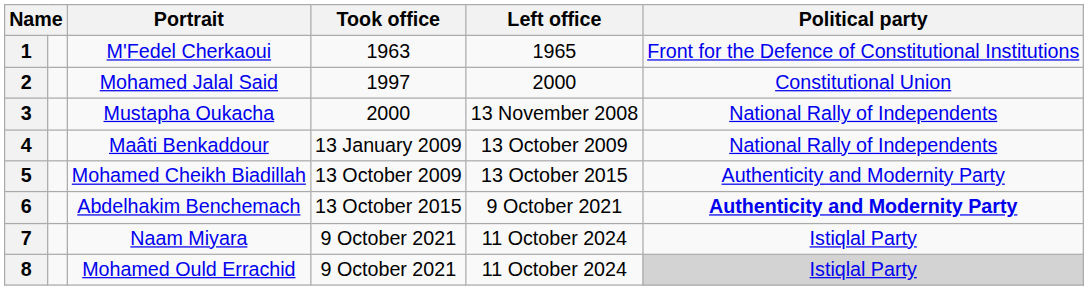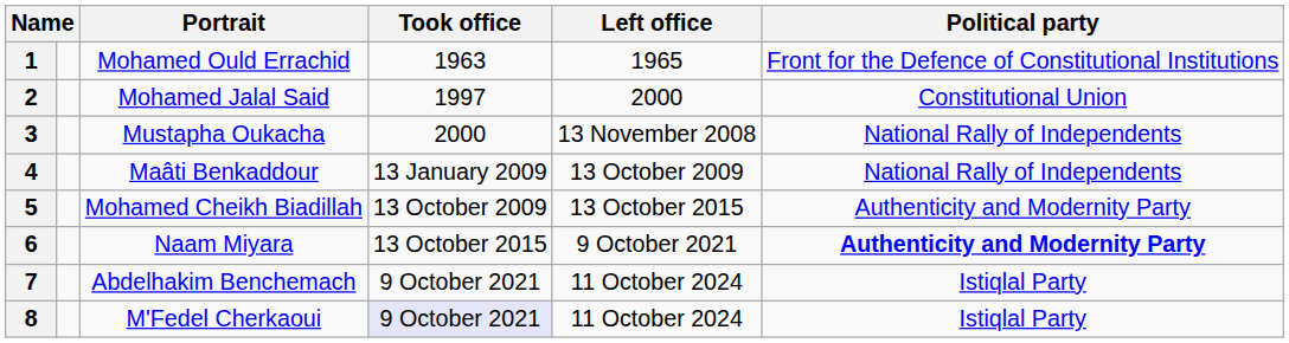 <table class="wikitable" style="text-align:center">
 <tr>
 <th colspan=2>Name</th>
 <th>Portrait</th>
 <th>Took office</th>
 <th>Left office</th>
 <th>Political party</th>
 </tr>
 <tr>
 <th style="background-color:">1</th>
 <td></td>
-<td><a href='#'>M'Fedel Cherkaoui</a></td>
+<td><a href='#'>Mohamed Ould Errachid</a></td>
 <td>1963</td>
 <td>1965</td>
 <td><a href='#'>Front for the Defence of Constitutional Institutions</a></td>
 </tr>
 <tr>
 <th style="background-color:">2</th>
 <td></td>
 <td><a href='#'>Mohamed Jalal Said</a></td>
 <td>1997</td>
 <td>2000</td>
 <td><a href='#'>Constitutional Union</a></td>
 </tr>
 <tr>
 <th style="background:">3</th>
 <td></td>
 <td><a href='#'>Mustapha Oukacha</a></td>
 <td>2000</td>
 <td>13 November 2008</td>
 <td><a href='#'>National Rally of Independents</a></td>
 </tr>
 <tr>
 <th style="background:">4</th>
 <td></td>
 <td><a href='#'>Maâti Benkaddour</a></td>
 <td>13 January 2009</td>
 <td>13 October 2009</td>
 <td><a href='#'>National Rally of Independents</a></td>
 </tr>
 <tr>
 <th style="background:">5</th>
 <td></td>
 <td><a href='#'>Mohamed Cheikh Biadillah</a></td>
 <td>13 October 2009</td>
 <td>13 October 2015</td>
 <td><a href='#'>Authenticity and Modernity Party</a></td>
 </tr>
 <tr>
 <th style="background:">6</th>
 <td></td>
-<td><a href='#'>Abdelhakim Benchemach</a></td>
+<td><a href='#'>Naam Miyara</a></td>
 <td>13 October 2015</td>
 <td>9 October 2021</td>
 <td><strong><a href='#'>Authenticity and Modernity Party</a></strong></td>
 </tr>
 <tr>
 <th style="background:">7</th>
 <td></td>
-<td><a href='#'>Naam Miyara</a></td>
+<td><a href='#'>Abdelhakim Benchemach</a></td>
 <td>9 October 2021</td>
 <td>11 October 2024</td>
 <td><a href='#'>Istiqlal Party</a></td>
 </tr>
 <tr>
 <th style="background:">8</th>
 <td></td>
-<td><a href='#'>Mohamed Ould Errachid</a></td>
-<td>9 October 2021</td>
+<td><a href='#'>M'Fedel Cherkaoui</a></td>
+<td style="background: lavender;">9 October 2021</td>
 <td>11 October 2024</td>
-<td style="background: lightgrey;"><a href='#'>Istiqlal Party</a></td>
+<td><a href='#'>Istiqlal Party</a></td>
 </tr>
 </table>
